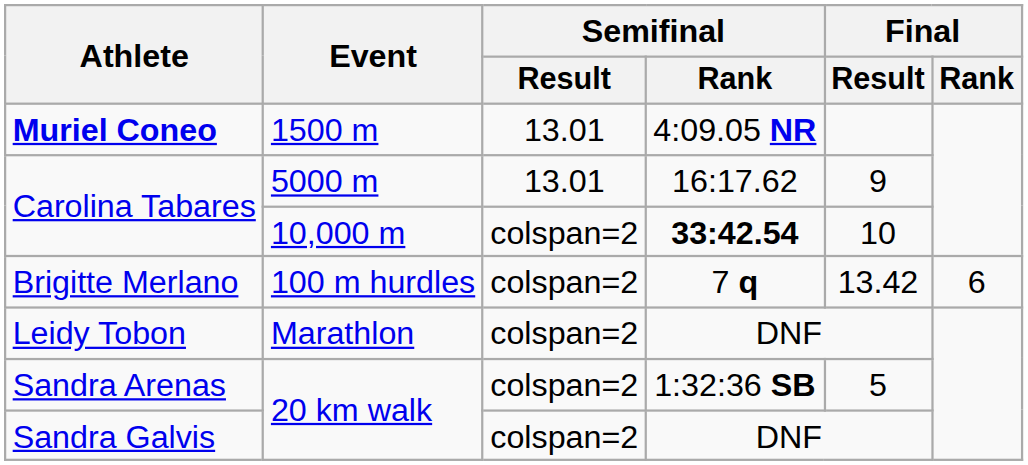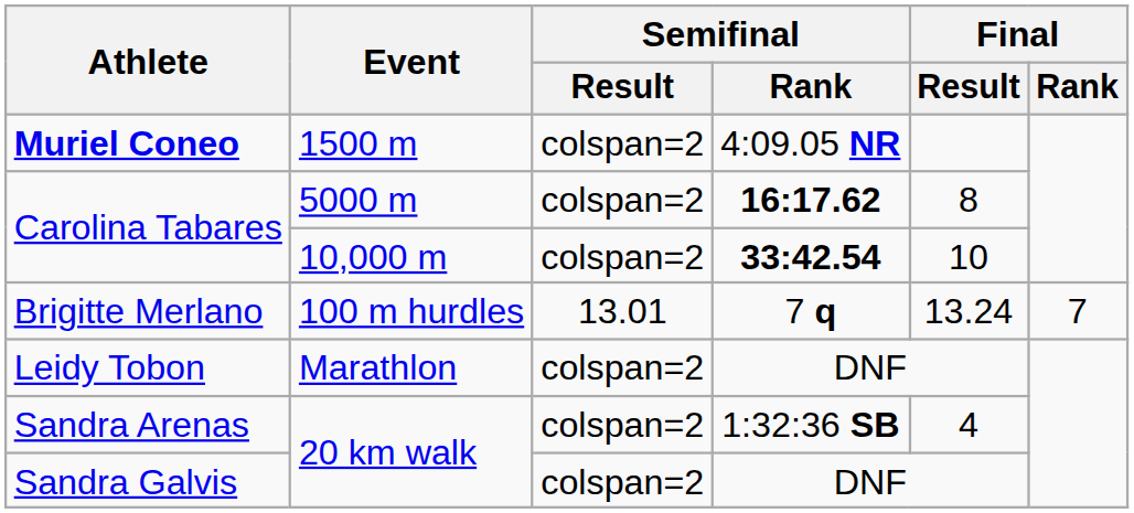 <table class=wikitable style="font-size:90%">
 <tr>
 <th rowspan="2">Athlete</th>
 <th rowspan="2">Event</th>
 <th colspan="2">Semifinal</th>
 <th colspan="2">Final</th>
 </tr>
 <tr style="font-size:95%">
 <th>Result</th>
 <th>Rank</th>
 <th>Result</th>
 <th>Rank</th>
 </tr>
 <tr align=center>
 <td align=left><strong><a href='#'>Muriel Coneo</a></strong></td>
 <td align=left><a href='#'>1500 m</a></td>
-<td>13.01</td>
+<td>colspan=2 </td>
 <td>4:09.05 <strong><a href='#'>NR</a></strong></td>
 <td></td>
 </tr>
 <tr align=center>
 <td align=left rowspan=2><a href='#'>Carolina Tabares</a></td>
 <td align=left><a href='#'>5000 m</a></td>
-<td>13.01</td>
-<td>16:17.62</td>
-<td>9</td>
+<td>colspan=2 </td>
+<td><strong>16:17.62</strong></td>
+<td>8</td>
 </tr>
 <tr align=center>
 <td align=left><a href='#'>10,000 m</a></td>
 <td>colspan=2 </td>
 <td><strong>33:42.54</strong></td>
 <td>10</td>
 </tr>
 <tr align=center>
 <td align=left><a href='#'>Brigitte Merlano</a></td>
 <td align=left><a href='#'>100 m hurdles</a></td>
-<td>colspan=2 </td>
+<td>13.01</td>
 <td>7 <strong>q</strong></td>
-<td>13.42</td>
-<td>6</td>
+<td>13.24</td>
+<td>7</td>
 </tr>
 <tr align=center>
 <td align=left><a href='#'>Leidy Tobon</a></td>
 <td align=left><a href='#'>Marathlon</a></td>
 <td>colspan=2 </td>
 <td colspan=2>DNF</td>
 </tr>
 <tr align=center>
 <td align=left><a href='#'>Sandra Arenas</a></td>
 <td align=left rowspan=2><a href='#'>20 km walk</a></td>
 <td>colspan=2 </td>
 <td>1:32:36 <strong>SB</strong></td>
-<td>5</td>
+<td>4</td>
 </tr>
 <tr align=center>
 <td align=left><a href='#'>Sandra Galvis</a></td>
 <td>colspan=2 </td>
 <td colspan=2>DNF</td>
 </tr>
 </table>
